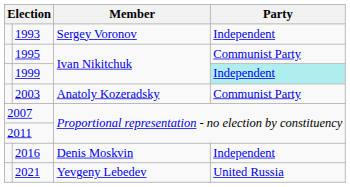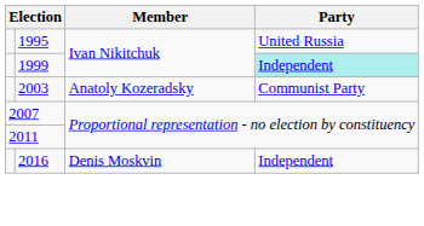 <table class="wikitable">
 <tr>
 <th colspan="2">Election</th>
 <th>Member</th>
 <th>Party</th>
 </tr>
 <tr>
 <td style="background-color:"></td>
-<td><a href='#'>1993</a></td>
-<td><a href='#'>Sergey Voronov</a></td>
-<td><a href='#'>Independent</a></td>
-</tr>
-<tr>
-<td style="background-color:"></td>
 <td><a href='#'>1995</a></td>
 <td rowspan=2><a href='#'>Ivan Nikitchuk</a></td>
-<td><a href='#'>Communist Party</a></td>
+<td><a href='#'>United Russia</a></td>
 </tr>
 <tr>
 <td style="background-color:"></td>
 <td><a href='#'>1999</a></td>
 <td style="background: paleturquoise;"><a href='#'>Independent</a></td>
 </tr>
 <tr>
 <td style="background-color: "></td>
 <td><a href='#'>2003</a></td>
 <td><a href='#'>Anatoly Kozeradsky</a></td>
 <td><a href='#'>Communist Party</a></td>
 </tr>
 <tr>
 <td colspan=2><a href='#'>2007</a></td>
 <td colspan=2 rowspan=2><em><a href='#'>Proportional representation</a> - no election by constituency</em></td>
 </tr>
 <tr>
 <td colspan=2><a href='#'>2011</a></td>
 </tr>
 <tr>
 <td style="background-color: "></td>
 <td><a href='#'>2016</a></td>
 <td><a href='#'>Denis Moskvin</a></td>
 <td><a href='#'>Independent</a></td>
 </tr>
-<tr>
-<td style="background-color: "></td>
-<td><a href='#'>2021</a></td>
-<td><a href='#'>Yevgeny Lebedev</a></td>
-<td><a href='#'>United Russia</a></td>
-</tr>
 </table>
